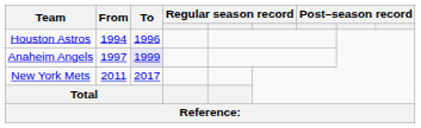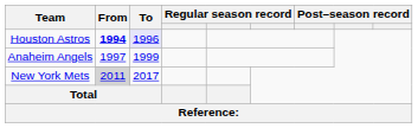 <table class="wikitable" Style="text-align: center;font-size:100%">
 <tr>
 <th rowspan="2">Team</th>
 <th rowspan="2">From</th>
 <th rowspan="2">To</th>
 <th colspan="3">Regular season record</th>
 <th colspan="3">Post–season record</th>
 </tr>
 <tr>
 <th></th>
 <th></th>
 <th></th>
 <th></th>
 <th></th>
 <th></th>
 </tr>
 <tr>
 <td><a href='#'>Houston Astros</a></td>
-<td><a href='#'>1994</a></td>
-<td><a href='#'>1996</a></td>
+<td><strong><a href='#'>1994</a></strong></td>
+<td style="background: lavender;"><a href='#'>1996</a></td>
 <td></td>
 <td colspan="3"></td>
 </tr>
 <tr>
 <td><a href='#'>Anaheim Angels</a></td>
 <td><a href='#'>1997</a></td>
-<td style="background: lavender;"><a href='#'>1999</a></td>
+<td><a href='#'>1999</a></td>
 <td></td>
 <td colspan="3"></td>
 </tr>
 <tr>
 <td><a href='#'>New York Mets</a></td>
-<td><a href='#'>2011</a></td>
+<td style="background: lightgrey;"><a href='#'>2011</a></td>
 <td><a href='#'>2017</a></td>
 <td></td>
 <td></td>
 </tr>
 <tr>
 <th colspan="3">Total</th>
 <th></th>
 <th></th>
 </tr>
 <tr>
 <th colspan="9">Reference:</th>
 </tr>
 </table>
